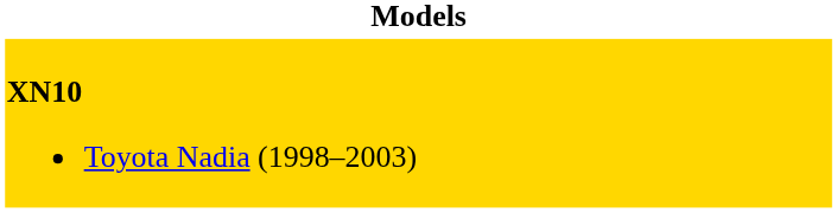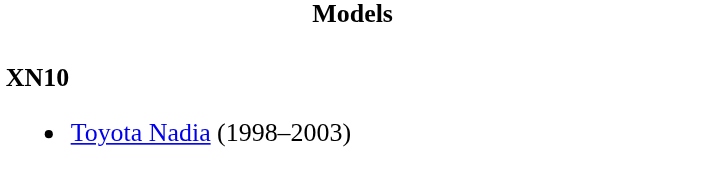 <table>
 <tr>
 <th style="width:50%">Models</th>
 </tr>
 <tr>
-<td style="background: gold; width:50%"><br><strong>XN10</strong><ul><li><a href='#'>Toyota Nadia</a> (1998–2003)</li></ul></td>
+<td style="width:50%"><br><strong>XN10</strong><ul><li><a href='#'>Toyota Nadia</a> (1998–2003)</li></ul></td>
 </tr>
 </table>
